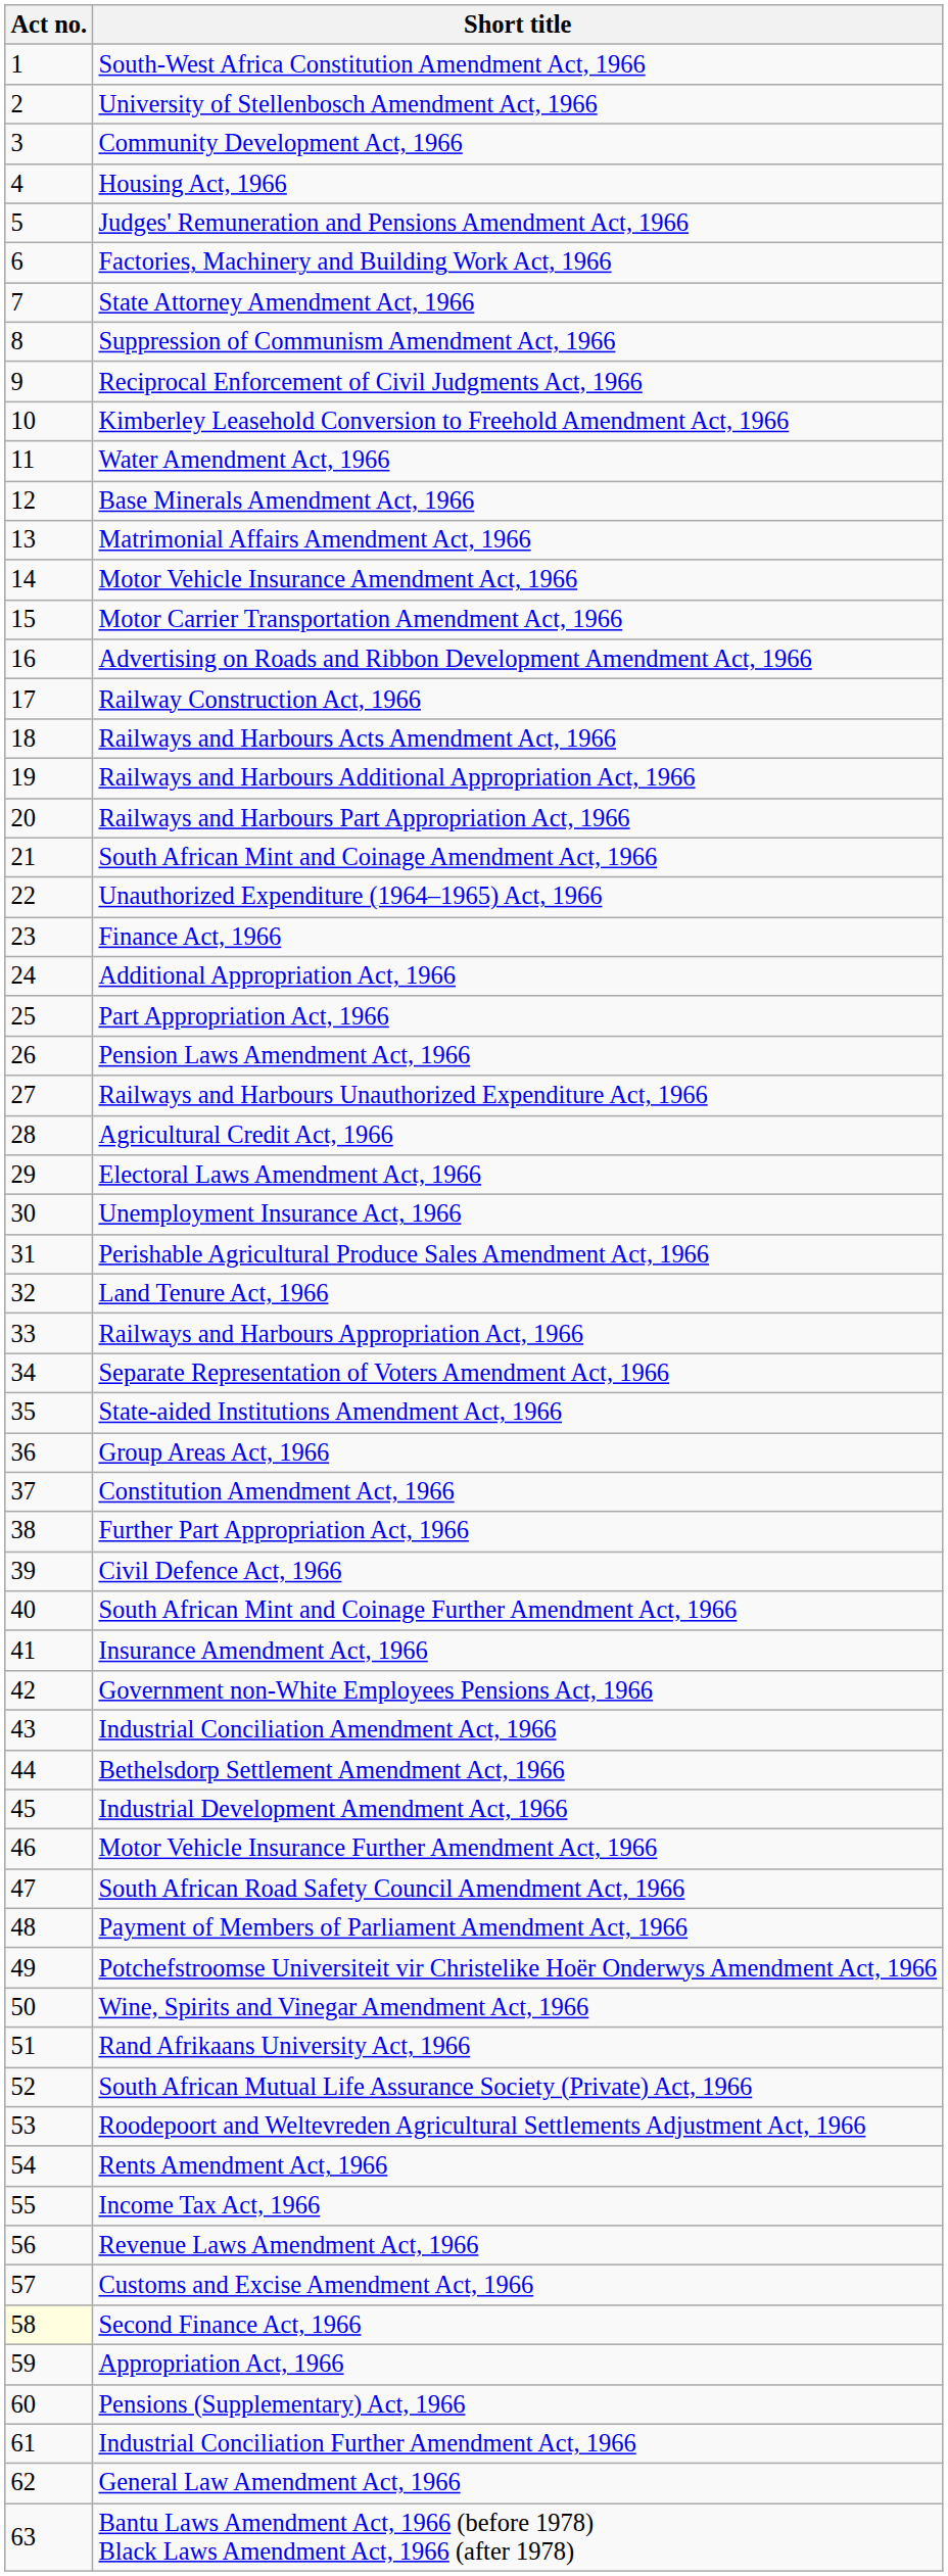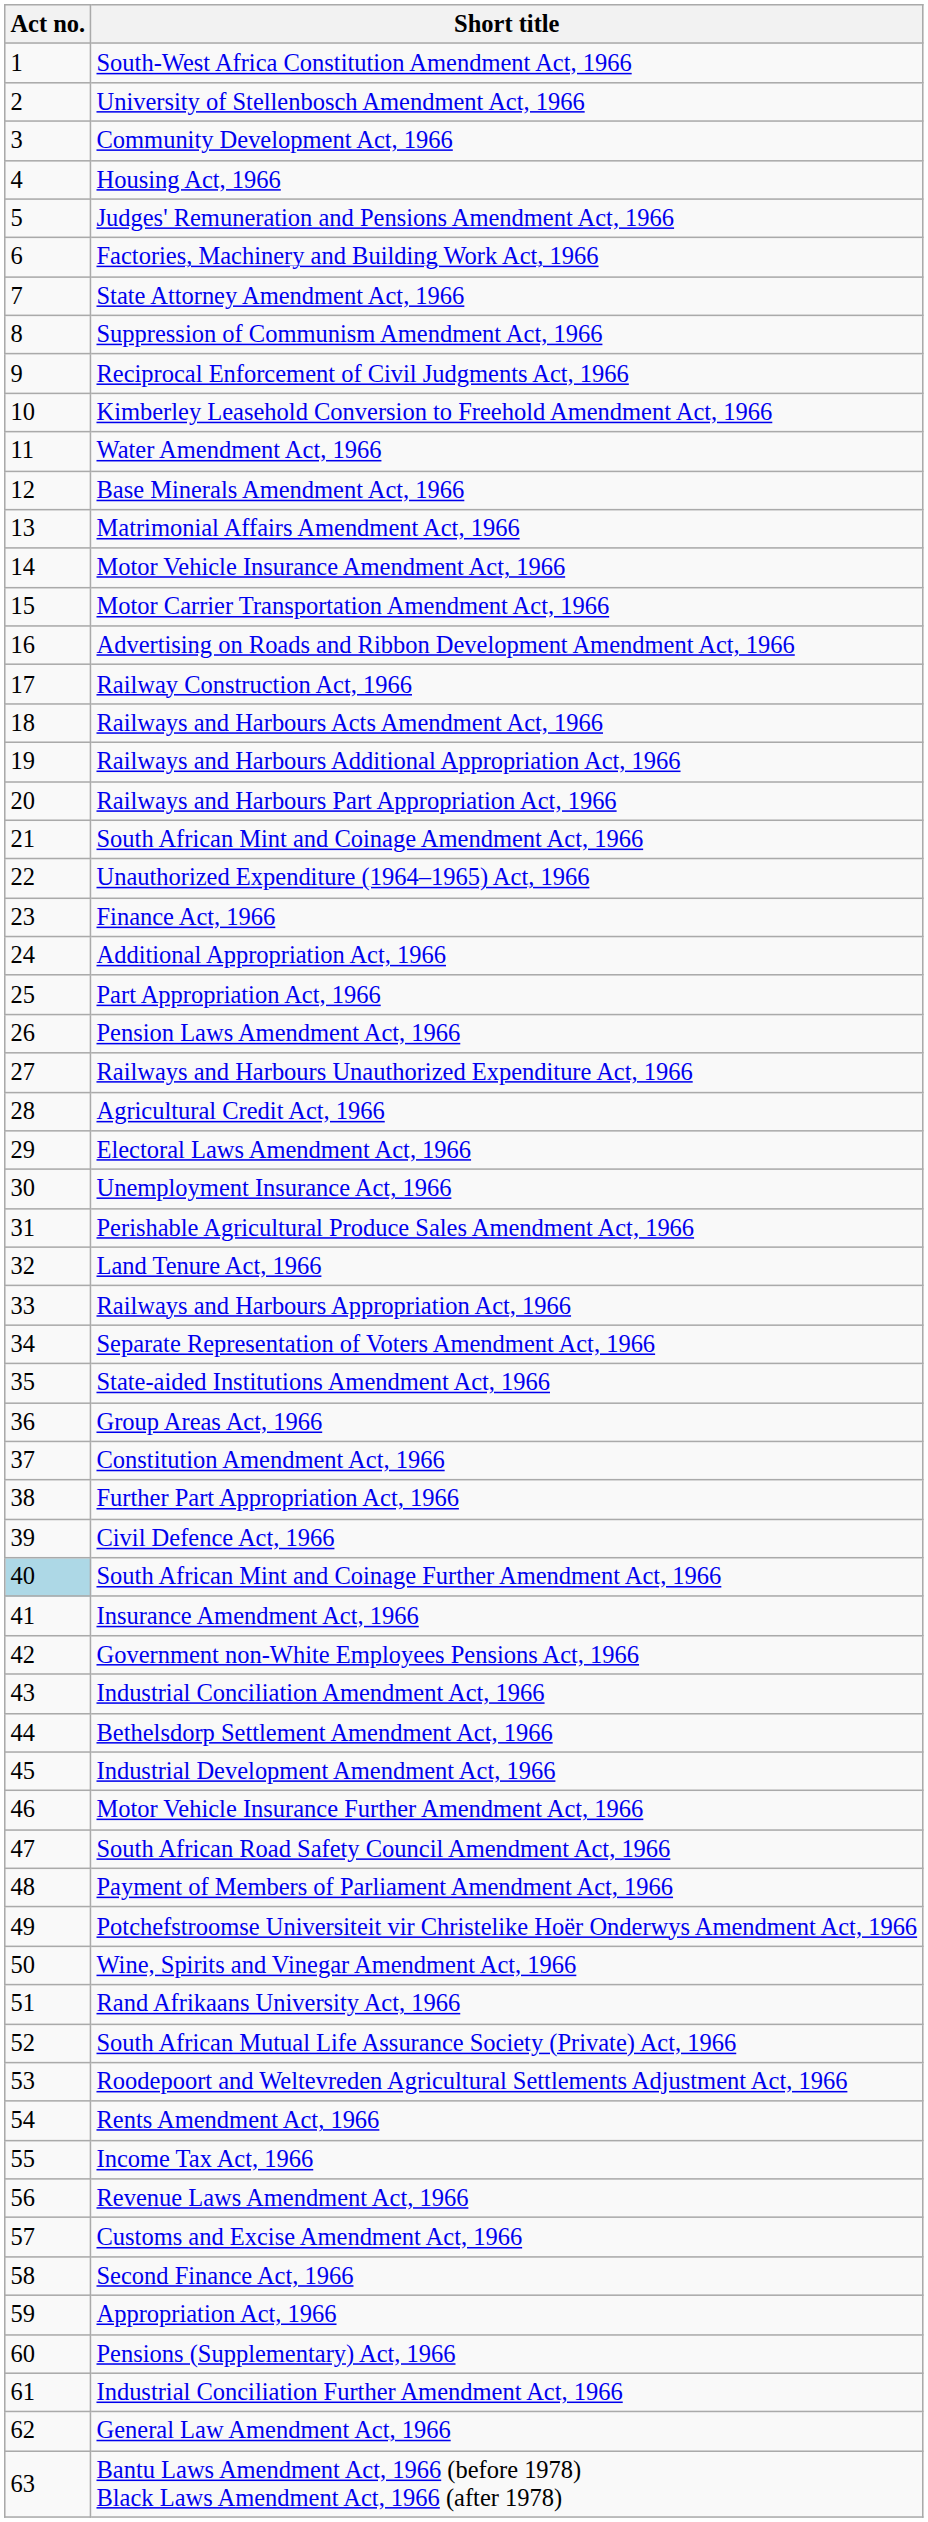 <table class="wikitable sortable">
 <tr>
 <th>Act no.</th>
 <th>Short title</th>
 </tr>
 <tr>
 <td>1</td>
 <td><a href='#'>South-West Africa Constitution Amendment Act, 1966</a></td>
 </tr>
 <tr>
 <td>2</td>
 <td><a href='#'>University of Stellenbosch Amendment Act, 1966</a></td>
 </tr>
 <tr>
 <td>3</td>
 <td><a href='#'>Community Development Act, 1966</a></td>
 </tr>
 <tr>
 <td>4</td>
 <td><a href='#'>Housing Act, 1966</a></td>
 </tr>
 <tr>
 <td>5</td>
 <td><a href='#'>Judges' Remuneration and Pensions Amendment Act, 1966</a></td>
 </tr>
 <tr>
 <td>6</td>
 <td><a href='#'>Factories, Machinery and Building Work Act, 1966</a></td>
 </tr>
 <tr>
 <td>7</td>
 <td><a href='#'>State Attorney Amendment Act, 1966</a></td>
 </tr>
 <tr>
 <td>8</td>
 <td><a href='#'>Suppression of Communism Amendment Act, 1966</a></td>
 </tr>
 <tr>
 <td>9</td>
 <td><a href='#'>Reciprocal Enforcement of Civil Judgments Act, 1966</a></td>
 </tr>
 <tr>
 <td>10</td>
 <td><a href='#'>Kimberley Leasehold Conversion to Freehold Amendment Act, 1966</a></td>
 </tr>
 <tr>
 <td>11</td>
 <td><a href='#'>Water Amendment Act, 1966</a></td>
 </tr>
 <tr>
 <td>12</td>
 <td><a href='#'>Base Minerals Amendment Act, 1966</a></td>
 </tr>
 <tr>
 <td>13</td>
 <td><a href='#'>Matrimonial Affairs Amendment Act, 1966</a></td>
 </tr>
 <tr>
 <td>14</td>
 <td><a href='#'>Motor Vehicle Insurance Amendment Act, 1966</a></td>
 </tr>
 <tr>
 <td>15</td>
 <td><a href='#'>Motor Carrier Transportation Amendment Act, 1966</a></td>
 </tr>
 <tr>
 <td>16</td>
 <td><a href='#'>Advertising on Roads and Ribbon Development Amendment Act, 1966</a></td>
 </tr>
 <tr>
 <td>17</td>
 <td><a href='#'>Railway Construction Act, 1966</a></td>
 </tr>
 <tr>
 <td>18</td>
 <td><a href='#'>Railways and Harbours Acts Amendment Act, 1966</a></td>
 </tr>
 <tr>
 <td>19</td>
 <td><a href='#'>Railways and Harbours Additional Appropriation Act, 1966</a></td>
 </tr>
 <tr>
 <td>20</td>
 <td><a href='#'>Railways and Harbours Part Appropriation Act, 1966</a></td>
 </tr>
 <tr>
 <td>21</td>
 <td><a href='#'>South African Mint and Coinage Amendment Act, 1966</a></td>
 </tr>
 <tr>
 <td>22</td>
 <td><a href='#'>Unauthorized Expenditure (1964–1965) Act, 1966</a></td>
 </tr>
 <tr>
 <td>23</td>
 <td><a href='#'>Finance Act, 1966</a></td>
 </tr>
 <tr>
 <td>24</td>
 <td><a href='#'>Additional Appropriation Act, 1966</a></td>
 </tr>
 <tr>
 <td>25</td>
 <td><a href='#'>Part Appropriation Act, 1966</a></td>
 </tr>
 <tr>
 <td>26</td>
 <td><a href='#'>Pension Laws Amendment Act, 1966</a></td>
 </tr>
 <tr>
 <td>27</td>
 <td><a href='#'>Railways and Harbours Unauthorized Expenditure Act, 1966</a></td>
 </tr>
 <tr>
 <td>28</td>
 <td><a href='#'>Agricultural Credit Act, 1966</a></td>
 </tr>
 <tr>
 <td>29</td>
 <td><a href='#'>Electoral Laws Amendment Act, 1966</a></td>
 </tr>
 <tr>
 <td>30</td>
 <td><a href='#'>Unemployment Insurance Act, 1966</a></td>
 </tr>
 <tr>
 <td>31</td>
 <td><a href='#'>Perishable Agricultural Produce Sales Amendment Act, 1966</a></td>
 </tr>
 <tr>
 <td>32</td>
 <td><a href='#'>Land Tenure Act, 1966</a></td>
 </tr>
 <tr>
 <td>33</td>
 <td><a href='#'>Railways and Harbours Appropriation Act, 1966</a></td>
 </tr>
 <tr>
 <td>34</td>
 <td><a href='#'>Separate Representation of Voters Amendment Act, 1966</a></td>
 </tr>
 <tr>
 <td>35</td>
 <td><a href='#'>State-aided Institutions Amendment Act, 1966</a></td>
 </tr>
 <tr>
 <td>36</td>
 <td><a href='#'>Group Areas Act, 1966</a></td>
 </tr>
 <tr>
 <td>37</td>
 <td><a href='#'>Constitution Amendment Act, 1966</a></td>
 </tr>
 <tr>
 <td>38</td>
 <td><a href='#'>Further Part Appropriation Act, 1966</a></td>
 </tr>
 <tr>
 <td>39</td>
 <td><a href='#'>Civil Defence Act, 1966</a></td>
 </tr>
 <tr>
-<td>40</td>
+<td style="background: lightblue;">40</td>
 <td><a href='#'>South African Mint and Coinage Further Amendment Act, 1966</a></td>
 </tr>
 <tr>
 <td>41</td>
 <td><a href='#'>Insurance Amendment Act, 1966</a></td>
 </tr>
 <tr>
 <td>42</td>
 <td><a href='#'>Government non-White Employees Pensions Act, 1966</a></td>
 </tr>
 <tr>
 <td>43</td>
 <td><a href='#'>Industrial Conciliation Amendment Act, 1966</a></td>
 </tr>
 <tr>
 <td>44</td>
 <td><a href='#'>Bethelsdorp Settlement Amendment Act, 1966</a></td>
 </tr>
 <tr>
 <td>45</td>
 <td><a href='#'>Industrial Development Amendment Act, 1966</a></td>
 </tr>
 <tr>
 <td>46</td>
 <td><a href='#'>Motor Vehicle Insurance Further Amendment Act, 1966</a></td>
 </tr>
 <tr>
 <td>47</td>
 <td><a href='#'>South African Road Safety Council Amendment Act, 1966</a></td>
 </tr>
 <tr>
 <td>48</td>
 <td><a href='#'>Payment of Members of Parliament Amendment Act, 1966</a></td>
 </tr>
 <tr>
 <td>49</td>
 <td><a href='#'>Potchefstroomse Universiteit vir Christelike Hoër Onderwys Amendment Act, 1966</a></td>
 </tr>
 <tr>
 <td>50</td>
 <td><a href='#'>Wine, Spirits and Vinegar Amendment Act, 1966</a></td>
 </tr>
 <tr>
 <td>51</td>
 <td><a href='#'>Rand Afrikaans University Act, 1966</a></td>
 </tr>
 <tr>
 <td>52</td>
 <td><a href='#'>South African Mutual Life Assurance Society (Private) Act, 1966</a></td>
 </tr>
 <tr>
 <td>53</td>
 <td><a href='#'>Roodepoort and Weltevreden Agricultural Settlements Adjustment Act, 1966</a></td>
 </tr>
 <tr>
 <td>54</td>
 <td><a href='#'>Rents Amendment Act, 1966</a></td>
 </tr>
 <tr>
 <td>55</td>
 <td><a href='#'>Income Tax Act, 1966</a></td>
 </tr>
 <tr>
 <td>56</td>
 <td><a href='#'>Revenue Laws Amendment Act, 1966</a></td>
 </tr>
 <tr>
 <td>57</td>
 <td><a href='#'>Customs and Excise Amendment Act, 1966</a></td>
 </tr>
 <tr>
-<td style="background: lightyellow;">58</td>
+<td>58</td>
 <td><a href='#'>Second Finance Act, 1966</a></td>
 </tr>
 <tr>
 <td>59</td>
 <td><a href='#'>Appropriation Act, 1966</a></td>
 </tr>
 <tr>
 <td>60</td>
 <td><a href='#'>Pensions (Supplementary) Act, 1966</a></td>
 </tr>
 <tr>
 <td>61</td>
 <td><a href='#'>Industrial Conciliation Further Amendment Act, 1966</a></td>
 </tr>
 <tr>
 <td>62</td>
 <td><a href='#'>General Law Amendment Act, 1966</a></td>
 </tr>
 <tr>
 <td>63</td>
 <td><a href='#'>Bantu Laws Amendment Act, 1966</a> (before 1978) <br><a href='#'>Black Laws Amendment Act, 1966</a> (after 1978)</td>
 </tr>
 </table>
